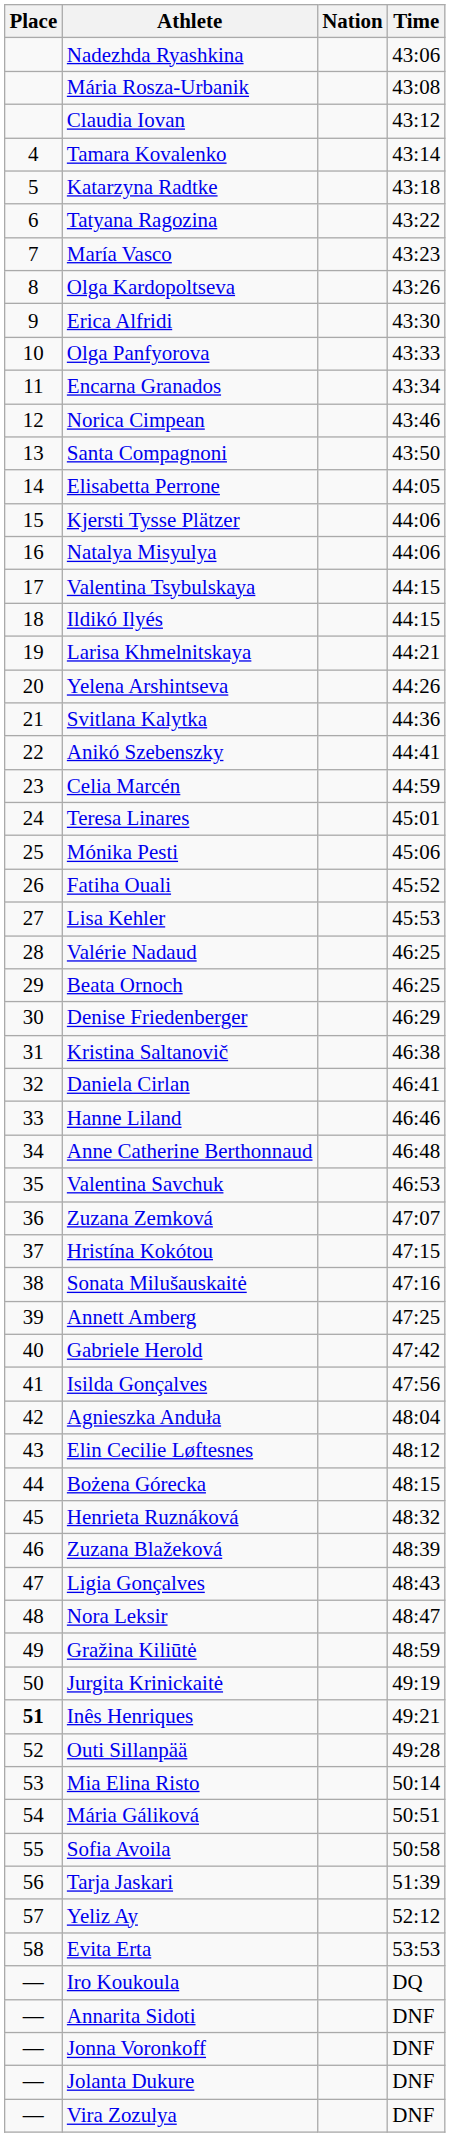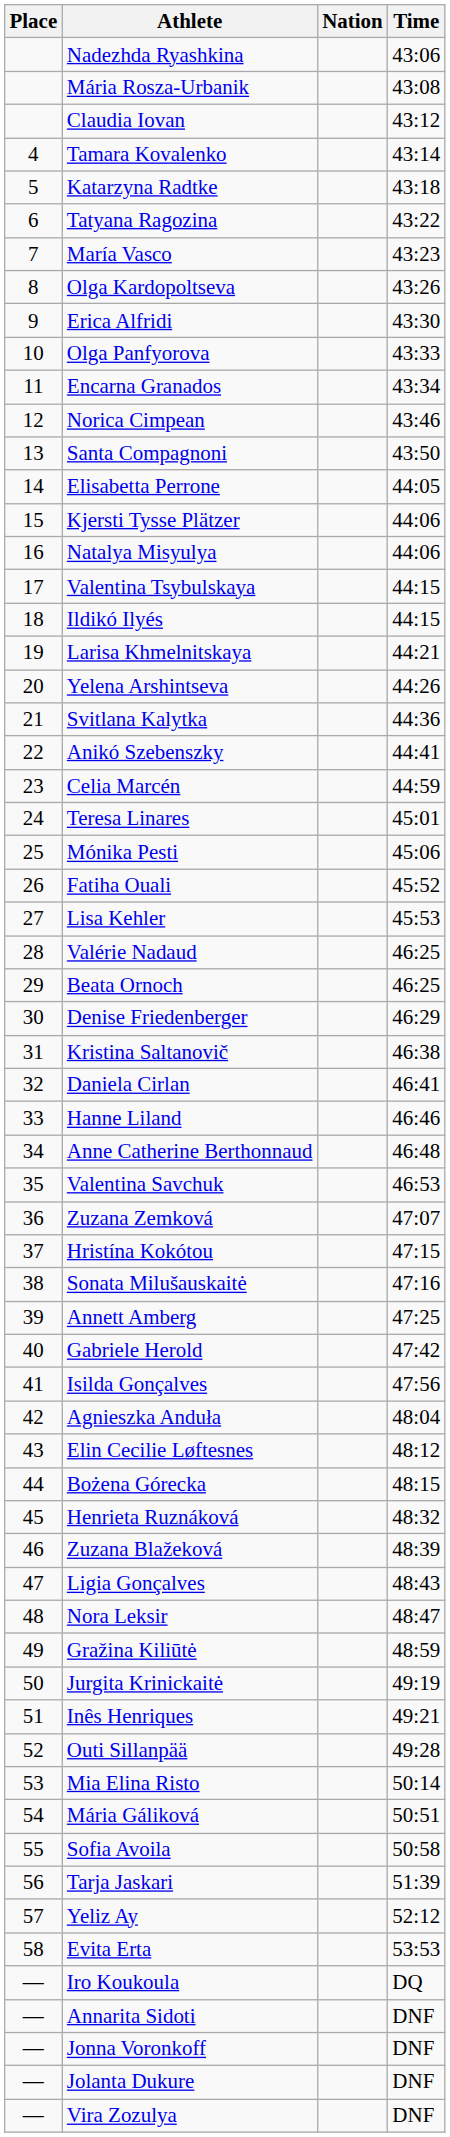 <table class="wikitable sortable">
 <tr>
 <th>Place</th>
 <th>Athlete</th>
 <th>Nation</th>
 <th>Time</th>
 </tr>
 <tr>
 <td align=center></td>
 <td><a href='#'>Nadezhda Ryashkina</a></td>
 <td></td>
 <td>43:06</td>
 </tr>
 <tr>
 <td align=center></td>
 <td><a href='#'>Mária Rosza-Urbanik</a></td>
 <td></td>
 <td>43:08</td>
 </tr>
 <tr>
 <td align=center></td>
 <td><a href='#'>Claudia Iovan</a></td>
 <td></td>
 <td>43:12</td>
 </tr>
 <tr>
 <td align=center>4</td>
 <td><a href='#'>Tamara Kovalenko</a></td>
 <td></td>
 <td>43:14</td>
 </tr>
 <tr>
 <td align=center>5</td>
 <td><a href='#'>Katarzyna Radtke</a></td>
 <td></td>
 <td>43:18</td>
 </tr>
 <tr>
 <td align=center>6</td>
 <td><a href='#'>Tatyana Ragozina</a></td>
 <td></td>
 <td>43:22</td>
 </tr>
 <tr>
 <td align=center>7</td>
 <td><a href='#'>María Vasco</a></td>
 <td></td>
 <td>43:23</td>
 </tr>
 <tr>
 <td align=center>8</td>
 <td><a href='#'>Olga Kardopoltseva</a></td>
 <td></td>
 <td>43:26</td>
 </tr>
 <tr>
 <td align=center>9</td>
 <td><a href='#'>Erica Alfridi</a></td>
 <td></td>
 <td>43:30</td>
 </tr>
 <tr>
 <td align=center>10</td>
 <td><a href='#'>Olga Panfyorova</a></td>
 <td></td>
 <td>43:33</td>
 </tr>
 <tr>
 <td align=center>11</td>
 <td><a href='#'>Encarna Granados</a></td>
 <td></td>
 <td>43:34</td>
 </tr>
 <tr>
 <td align=center>12</td>
 <td><a href='#'>Norica Cimpean</a></td>
 <td></td>
 <td>43:46</td>
 </tr>
 <tr>
 <td align=center>13</td>
 <td><a href='#'>Santa Compagnoni</a></td>
 <td></td>
 <td>43:50</td>
 </tr>
 <tr>
 <td align=center>14</td>
 <td><a href='#'>Elisabetta Perrone</a></td>
 <td></td>
 <td>44:05</td>
 </tr>
 <tr>
 <td align=center>15</td>
 <td><a href='#'>Kjersti Tysse Plätzer</a></td>
 <td></td>
 <td>44:06</td>
 </tr>
 <tr>
 <td align=center>16</td>
 <td><a href='#'>Natalya Misyulya</a></td>
 <td></td>
 <td>44:06</td>
 </tr>
 <tr>
 <td align=center>17</td>
 <td><a href='#'>Valentina Tsybulskaya</a></td>
 <td></td>
 <td>44:15</td>
 </tr>
 <tr>
 <td align=center>18</td>
 <td><a href='#'>Ildikó Ilyés</a></td>
 <td></td>
 <td>44:15</td>
 </tr>
 <tr>
 <td align=center>19</td>
 <td><a href='#'>Larisa Khmelnitskaya</a></td>
 <td></td>
 <td>44:21</td>
 </tr>
 <tr>
 <td align=center>20</td>
 <td><a href='#'>Yelena Arshintseva</a></td>
 <td></td>
 <td>44:26</td>
 </tr>
 <tr>
 <td align=center>21</td>
 <td><a href='#'>Svitlana Kalytka</a></td>
 <td></td>
 <td>44:36</td>
 </tr>
 <tr>
 <td align=center>22</td>
 <td><a href='#'>Anikó Szebenszky</a></td>
 <td></td>
 <td>44:41</td>
 </tr>
 <tr>
 <td align=center>23</td>
 <td><a href='#'>Celia Marcén</a></td>
 <td></td>
 <td>44:59</td>
 </tr>
 <tr>
 <td align=center>24</td>
 <td><a href='#'>Teresa Linares</a></td>
 <td></td>
 <td>45:01</td>
 </tr>
 <tr>
 <td align=center>25</td>
 <td><a href='#'>Mónika Pesti</a></td>
 <td></td>
 <td>45:06</td>
 </tr>
 <tr>
 <td align=center>26</td>
 <td><a href='#'>Fatiha Ouali</a></td>
 <td></td>
 <td>45:52</td>
 </tr>
 <tr>
 <td align=center>27</td>
 <td><a href='#'>Lisa Kehler</a></td>
 <td></td>
 <td>45:53</td>
 </tr>
 <tr>
 <td align=center>28</td>
 <td><a href='#'>Valérie Nadaud</a></td>
 <td></td>
 <td>46:25</td>
 </tr>
 <tr>
 <td align=center>29</td>
 <td><a href='#'>Beata Ornoch</a></td>
 <td></td>
 <td>46:25</td>
 </tr>
 <tr>
 <td align=center>30</td>
 <td><a href='#'>Denise Friedenberger</a></td>
 <td></td>
 <td>46:29</td>
 </tr>
 <tr>
 <td align=center>31</td>
 <td><a href='#'>Kristina Saltanovič</a></td>
 <td></td>
 <td>46:38</td>
 </tr>
 <tr>
 <td align=center>32</td>
 <td><a href='#'>Daniela Cirlan</a></td>
 <td></td>
 <td>46:41</td>
 </tr>
 <tr>
 <td align=center>33</td>
 <td><a href='#'>Hanne Liland</a></td>
 <td></td>
 <td>46:46</td>
 </tr>
 <tr>
 <td align=center>34</td>
 <td><a href='#'>Anne Catherine Berthonnaud</a></td>
 <td></td>
 <td>46:48</td>
 </tr>
 <tr>
 <td align=center>35</td>
 <td><a href='#'>Valentina Savchuk</a></td>
 <td></td>
 <td>46:53</td>
 </tr>
 <tr>
 <td align=center>36</td>
 <td><a href='#'>Zuzana Zemková</a></td>
 <td></td>
 <td>47:07</td>
 </tr>
 <tr>
 <td align=center>37</td>
 <td><a href='#'>Hristína Kokótou</a></td>
 <td></td>
 <td>47:15</td>
 </tr>
 <tr>
 <td align=center>38</td>
 <td><a href='#'>Sonata Milušauskaitė</a></td>
 <td></td>
 <td>47:16</td>
 </tr>
 <tr>
 <td align=center>39</td>
 <td><a href='#'>Annett Amberg</a></td>
 <td></td>
 <td>47:25</td>
 </tr>
 <tr>
 <td align=center>40</td>
 <td><a href='#'>Gabriele Herold</a></td>
 <td></td>
 <td>47:42</td>
 </tr>
 <tr>
 <td align=center>41</td>
 <td><a href='#'>Isilda Gonçalves</a></td>
 <td></td>
 <td>47:56</td>
 </tr>
 <tr>
 <td align=center>42</td>
 <td><a href='#'>Agnieszka Anduła</a></td>
 <td></td>
 <td>48:04</td>
 </tr>
 <tr>
 <td align=center>43</td>
 <td><a href='#'>Elin Cecilie Løftesnes</a></td>
 <td></td>
 <td>48:12</td>
 </tr>
 <tr>
 <td align=center>44</td>
 <td><a href='#'>Bożena Górecka</a></td>
 <td></td>
 <td>48:15</td>
 </tr>
 <tr>
 <td align=center>45</td>
 <td><a href='#'>Henrieta Ruznáková</a></td>
 <td></td>
 <td>48:32</td>
 </tr>
 <tr>
 <td align=center>46</td>
 <td><a href='#'>Zuzana Blažeková</a></td>
 <td></td>
 <td>48:39</td>
 </tr>
 <tr>
 <td align=center>47</td>
 <td><a href='#'>Ligia Gonçalves</a></td>
 <td></td>
 <td>48:43</td>
 </tr>
 <tr>
 <td align=center>48</td>
 <td><a href='#'>Nora Leksir</a></td>
 <td></td>
 <td>48:47</td>
 </tr>
 <tr>
 <td align=center>49</td>
 <td><a href='#'>Gražina Kiliūtė</a></td>
 <td></td>
 <td>48:59</td>
 </tr>
 <tr>
 <td align=center>50</td>
 <td><a href='#'>Jurgita Krinickaitė</a></td>
 <td></td>
 <td>49:19</td>
 </tr>
 <tr>
-<td align=center><strong>51</strong></td>
+<td align=center>51</td>
 <td><a href='#'>Inês Henriques</a></td>
 <td></td>
 <td>49:21</td>
 </tr>
 <tr>
 <td align=center>52</td>
 <td><a href='#'>Outi Sillanpää</a></td>
 <td></td>
 <td>49:28</td>
 </tr>
 <tr>
 <td align=center>53</td>
 <td><a href='#'>Mia Elina Risto</a></td>
 <td></td>
 <td>50:14</td>
 </tr>
 <tr>
 <td align=center>54</td>
 <td><a href='#'>Mária Gáliková</a></td>
 <td></td>
 <td>50:51</td>
 </tr>
 <tr>
 <td align=center>55</td>
 <td><a href='#'>Sofia Avoila</a></td>
 <td></td>
 <td>50:58</td>
 </tr>
 <tr>
 <td align=center>56</td>
 <td><a href='#'>Tarja Jaskari</a></td>
 <td></td>
 <td>51:39</td>
 </tr>
 <tr>
 <td align=center>57</td>
 <td><a href='#'>Yeliz Ay</a></td>
 <td></td>
 <td>52:12</td>
 </tr>
 <tr>
 <td align=center>58</td>
 <td><a href='#'>Evita Erta</a></td>
 <td></td>
 <td>53:53</td>
 </tr>
 <tr>
 <td align=center>—</td>
 <td><a href='#'>Iro Koukoula</a></td>
 <td></td>
 <td>DQ</td>
 </tr>
 <tr>
 <td align=center>—</td>
 <td><a href='#'>Annarita Sidoti</a></td>
 <td></td>
 <td>DNF</td>
 </tr>
 <tr>
 <td align=center>—</td>
 <td><a href='#'>Jonna Voronkoff</a></td>
 <td></td>
 <td>DNF</td>
 </tr>
 <tr>
 <td align=center>—</td>
 <td><a href='#'>Jolanta Dukure</a></td>
 <td></td>
 <td>DNF</td>
 </tr>
 <tr>
 <td align=center>—</td>
 <td><a href='#'>Vira Zozulya</a></td>
 <td></td>
 <td>DNF</td>
 </tr>
 </table>
